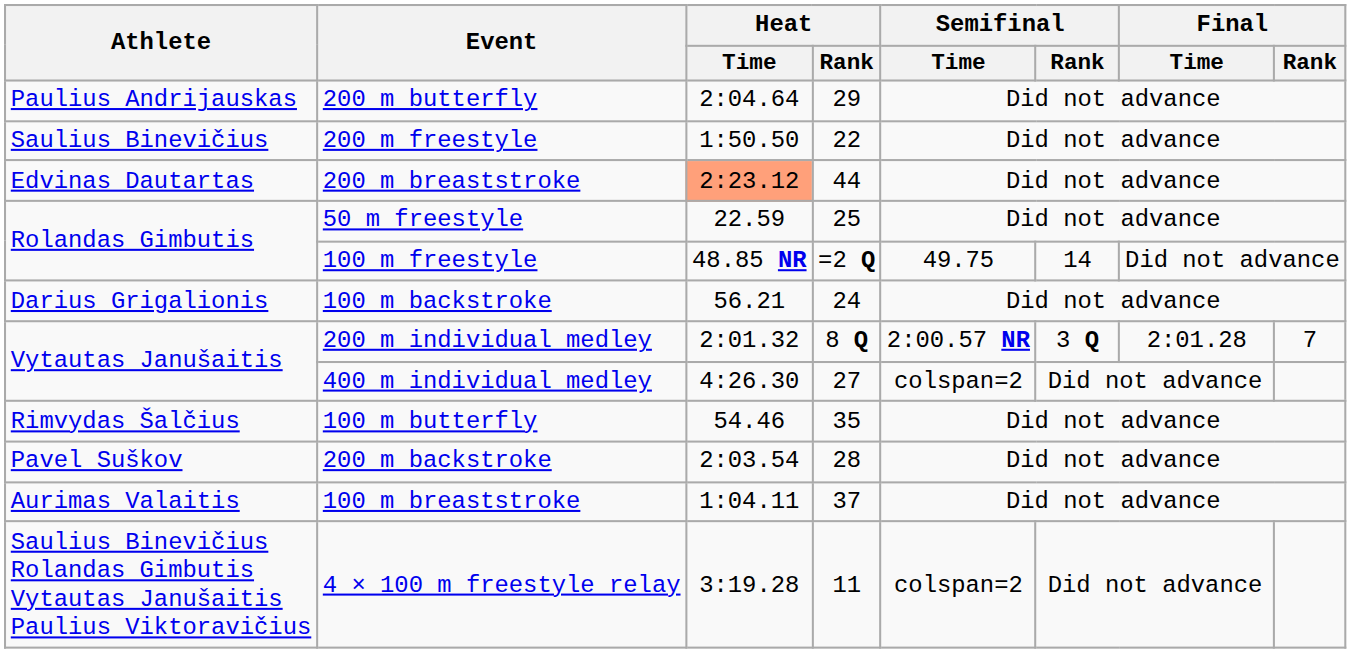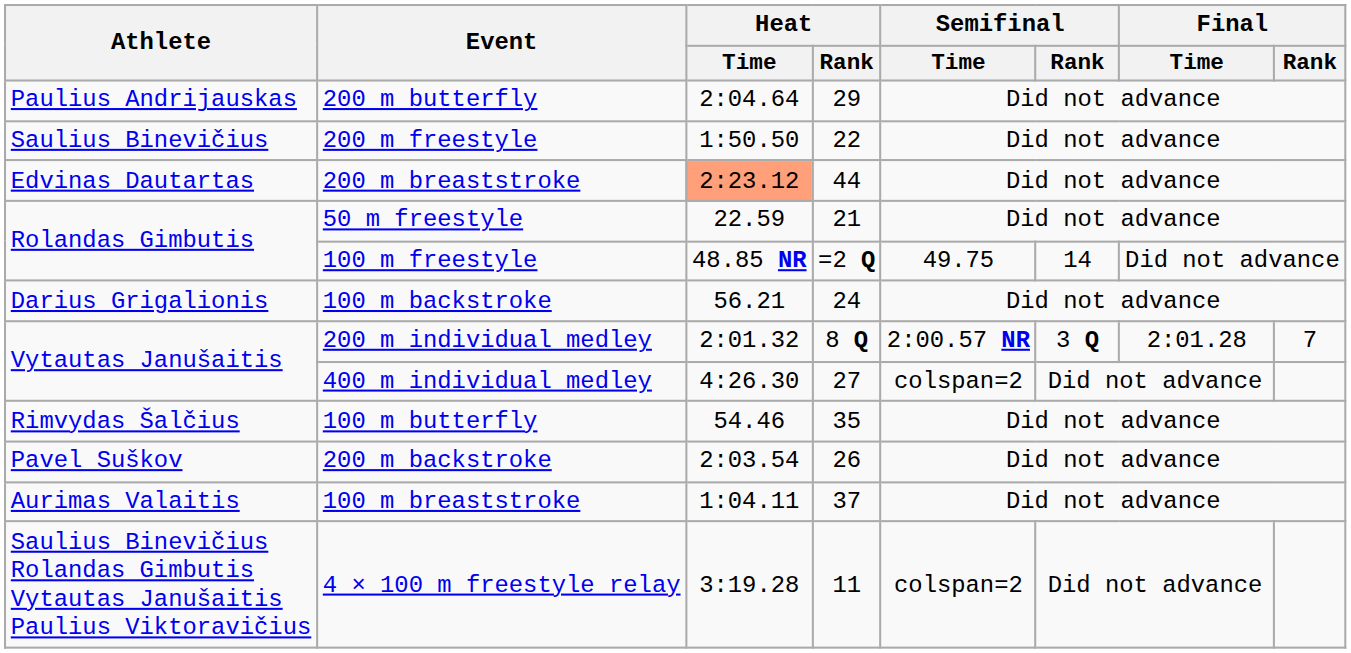 <table class=wikitable style="font-size:90%">
 <tr>
 <th rowspan="2">Athlete</th>
 <th rowspan="2">Event</th>
 <th colspan="2">Heat</th>
 <th colspan="2">Semifinal</th>
 <th colspan="2">Final</th>
 </tr>
 <tr style="font-size:95%">
 <th>Time</th>
 <th>Rank</th>
 <th>Time</th>
 <th>Rank</th>
 <th>Time</th>
 <th>Rank</th>
 </tr>
 <tr align=center>
 <td align=left><a href='#'>Paulius Andrijauskas</a></td>
 <td align=left><a href='#'>200 m butterfly</a></td>
 <td>2:04.64</td>
 <td>29</td>
 <td colspan=4>Did not advance</td>
 </tr>
 <tr align=center>
 <td align=left><a href='#'>Saulius Binevičius</a></td>
 <td align=left><a href='#'>200 m freestyle</a></td>
 <td>1:50.50</td>
 <td>22</td>
 <td colspan=4>Did not advance</td>
 </tr>
 <tr align=center>
 <td align=left><a href='#'>Edvinas Dautartas</a></td>
 <td align=left><a href='#'>200 m breaststroke</a></td>
 <td style="background: lightsalmon;">2:23.12</td>
 <td>44</td>
 <td colspan=4>Did not advance</td>
 </tr>
 <tr align=center>
 <td align=left rowspan=2><a href='#'>Rolandas Gimbutis</a></td>
 <td align=left><a href='#'>50 m freestyle</a></td>
 <td>22.59</td>
-<td>25</td>
+<td>21</td>
 <td colspan=4>Did not advance</td>
 </tr>
 <tr align=center>
 <td align=left><a href='#'>100 m freestyle</a></td>
 <td>48.85 <strong><a href='#'>NR</a></strong></td>
 <td>=2 <strong>Q</strong></td>
 <td>49.75</td>
 <td>14</td>
 <td colspan=2>Did not advance</td>
 </tr>
 <tr align=center>
 <td align=left><a href='#'>Darius Grigalionis</a></td>
 <td align=left><a href='#'>100 m backstroke</a></td>
 <td>56.21</td>
 <td>24</td>
 <td colspan=4>Did not advance</td>
 </tr>
 <tr align=center>
 <td align=left rowspan=2><a href='#'>Vytautas Janušaitis</a></td>
 <td align=left><a href='#'>200 m individual medley</a></td>
 <td>2:01.32</td>
 <td>8 <strong>Q</strong></td>
 <td>2:00.57 <strong><a href='#'>NR</a></strong></td>
 <td>3 <strong>Q</strong></td>
 <td>2:01.28</td>
 <td>7</td>
 </tr>
 <tr align=center>
 <td align=left><a href='#'>400 m individual medley</a></td>
 <td>4:26.30</td>
 <td>27</td>
 <td>colspan=2 </td>
 <td colspan=2>Did not advance</td>
 </tr>
 <tr align=center>
 <td align=left><a href='#'>Rimvydas Šalčius</a></td>
 <td align=left><a href='#'>100 m butterfly</a></td>
 <td>54.46</td>
 <td>35</td>
 <td colspan=4>Did not advance</td>
 </tr>
 <tr align=center>
 <td align=left><a href='#'>Pavel Suškov</a></td>
 <td align=left><a href='#'>200 m backstroke</a></td>
 <td>2:03.54</td>
-<td>28</td>
+<td>26</td>
 <td colspan=4>Did not advance</td>
 </tr>
 <tr align=center>
 <td align=left><a href='#'>Aurimas Valaitis</a></td>
 <td align=left><a href='#'>100 m breaststroke</a></td>
 <td>1:04.11</td>
 <td>37</td>
 <td colspan=4>Did not advance</td>
 </tr>
 <tr align=center>
 <td align=left><a href='#'>Saulius Binevičius</a><br><a href='#'>Rolandas Gimbutis</a><br><a href='#'>Vytautas Janušaitis</a><br><a href='#'>Paulius Viktoravičius</a></td>
 <td align=left><a href='#'>4 × 100 m freestyle relay</a></td>
 <td>3:19.28</td>
 <td>11</td>
 <td>colspan=2 </td>
 <td colspan=2>Did not advance</td>
 </tr>
 </table>
